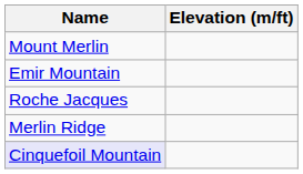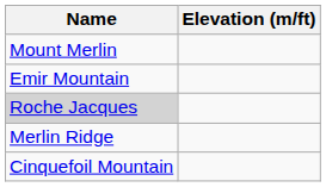 <table class="wikitable sortable">
 <tr>
 <th>Name</th>
 <th colspan=2>Elevation (m/ft)</th>
 </tr>
 <tr>
 <td><a href='#'>Mount Merlin</a></td>
 <td></td>
 </tr>
 <tr>
 <td><a href='#'>Emir Mountain</a></td>
 <td></td>
 </tr>
 <tr>
-<td><a href='#'>Roche Jacques</a></td>
+<td style="background: lightgrey;"><a href='#'>Roche Jacques</a></td>
 <td></td>
 </tr>
 <tr>
 <td><a href='#'>Merlin Ridge</a></td>
 <td></td>
 </tr>
 <tr>
-<td style="background: lavender;"><a href='#'>Cinquefoil Mountain</a></td>
+<td><a href='#'>Cinquefoil Mountain</a></td>
 <td></td>
 </tr>
 </table>
